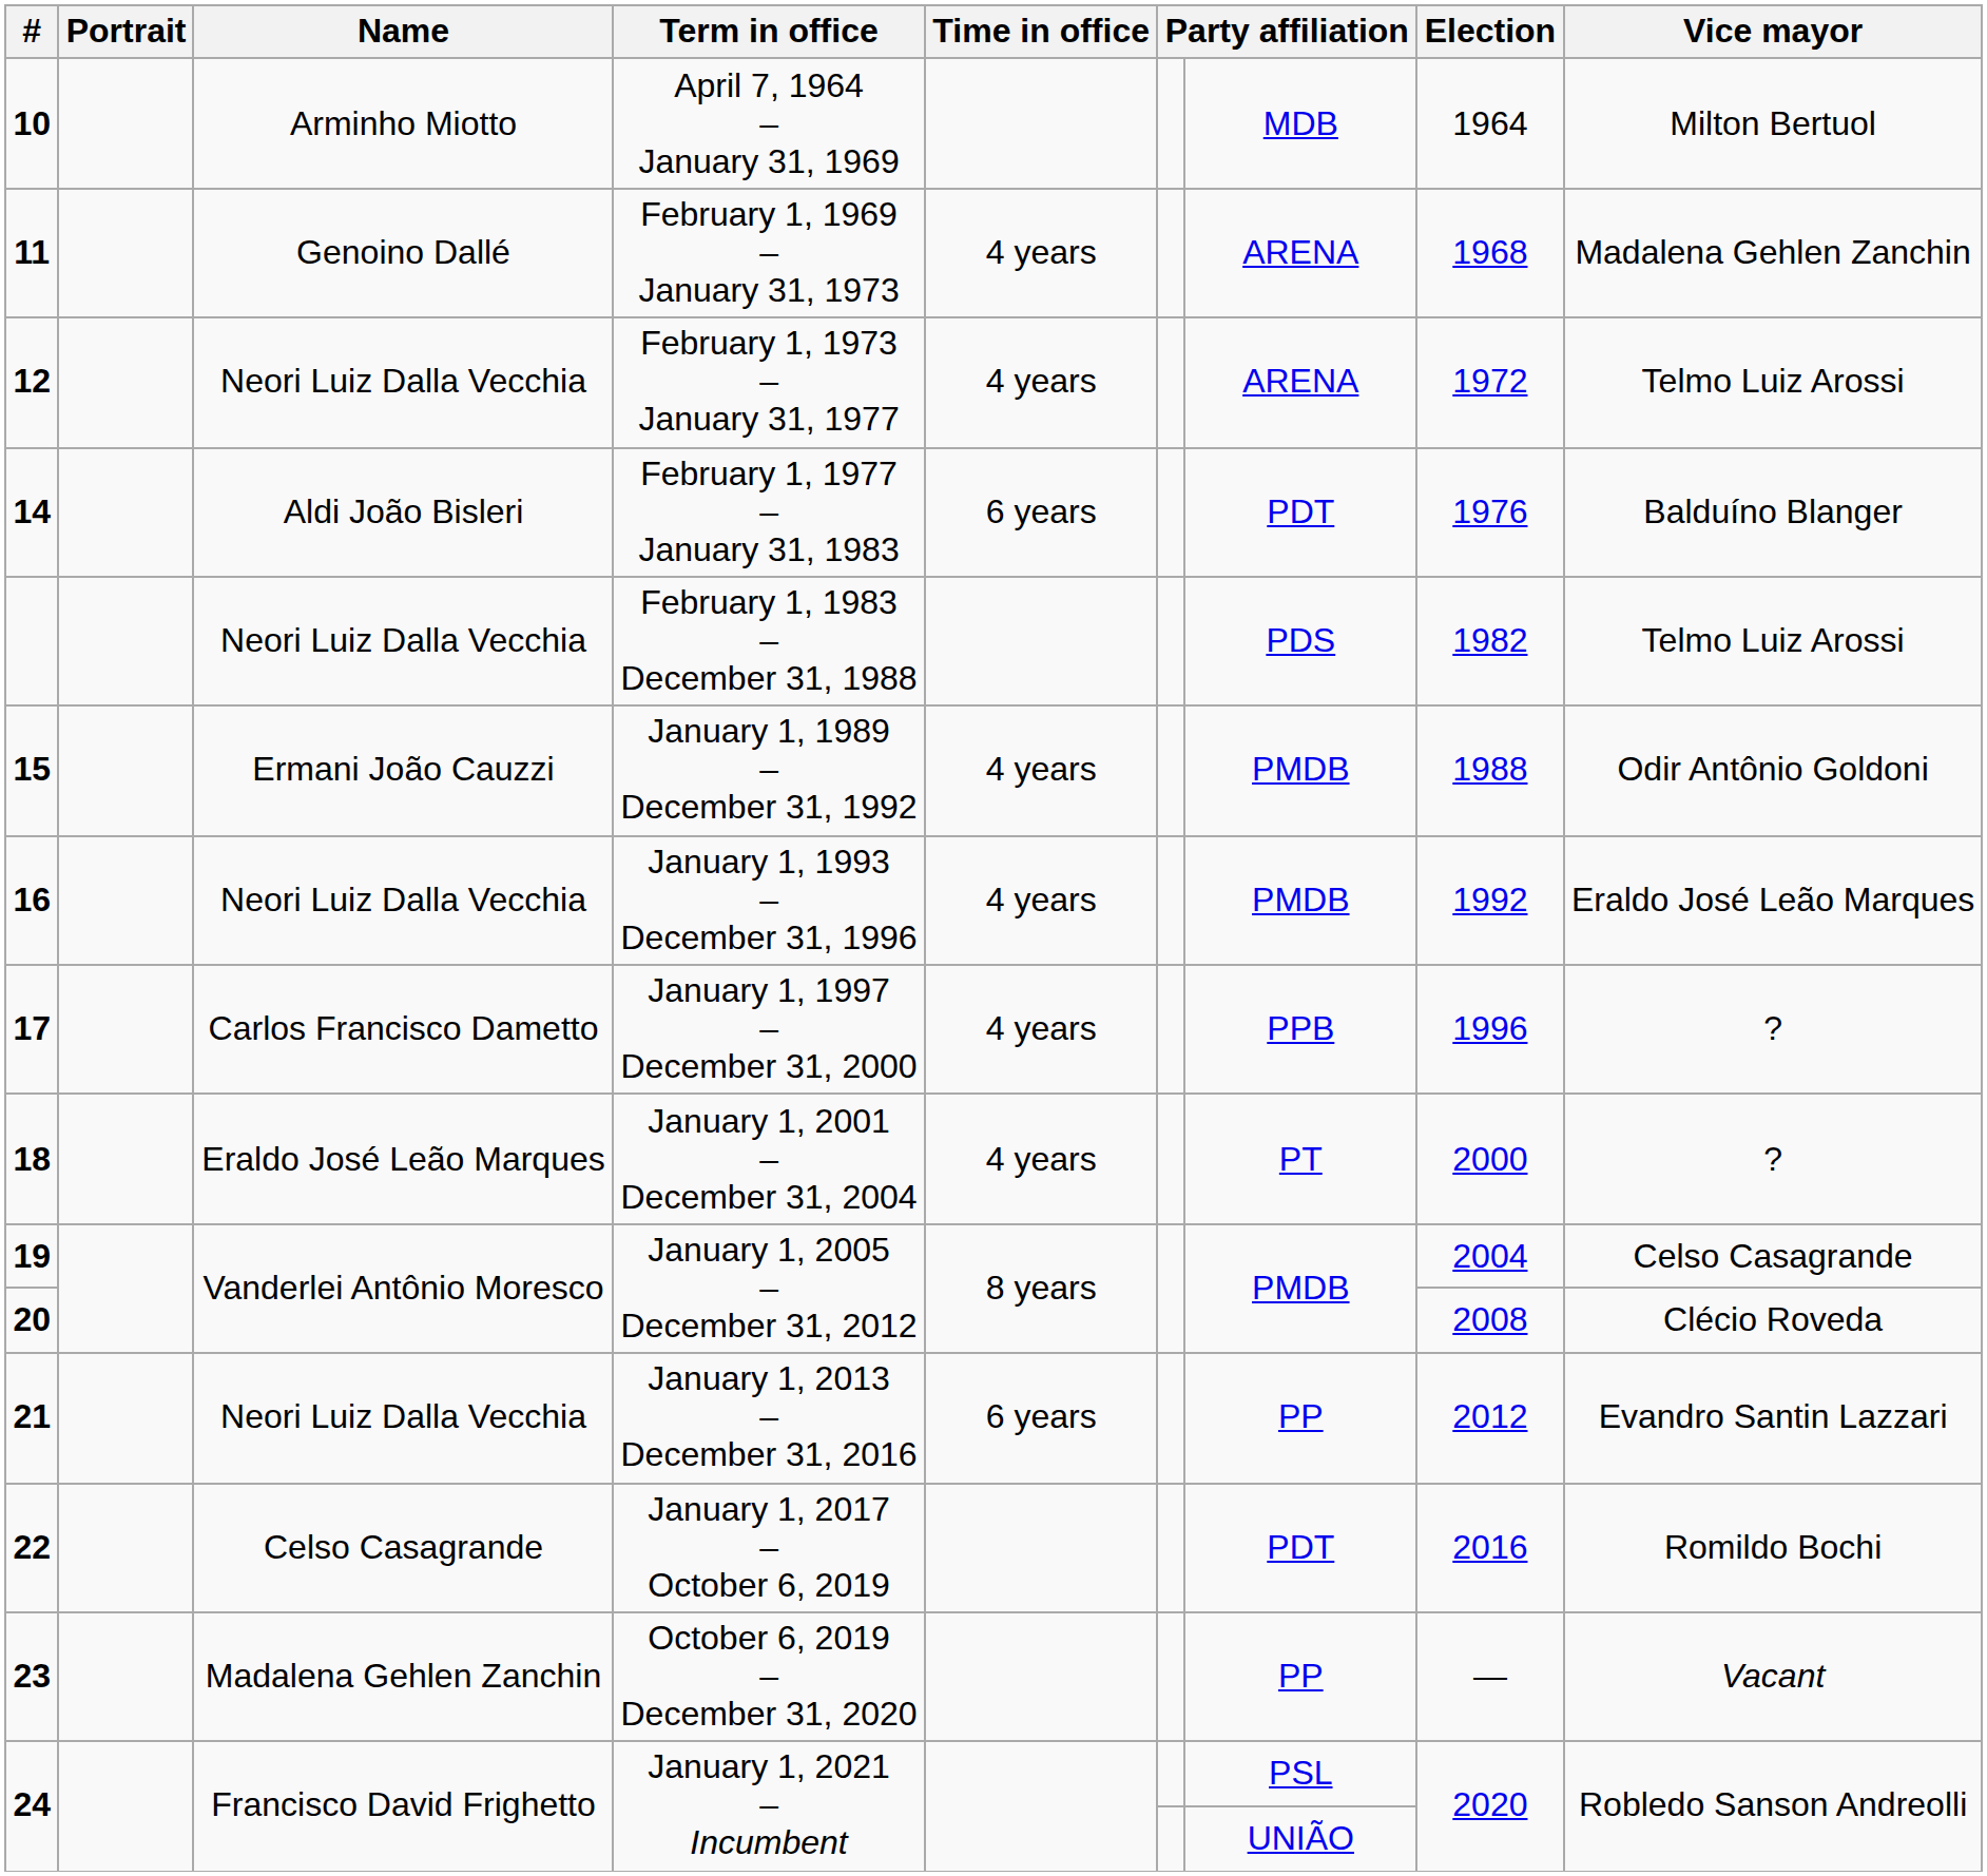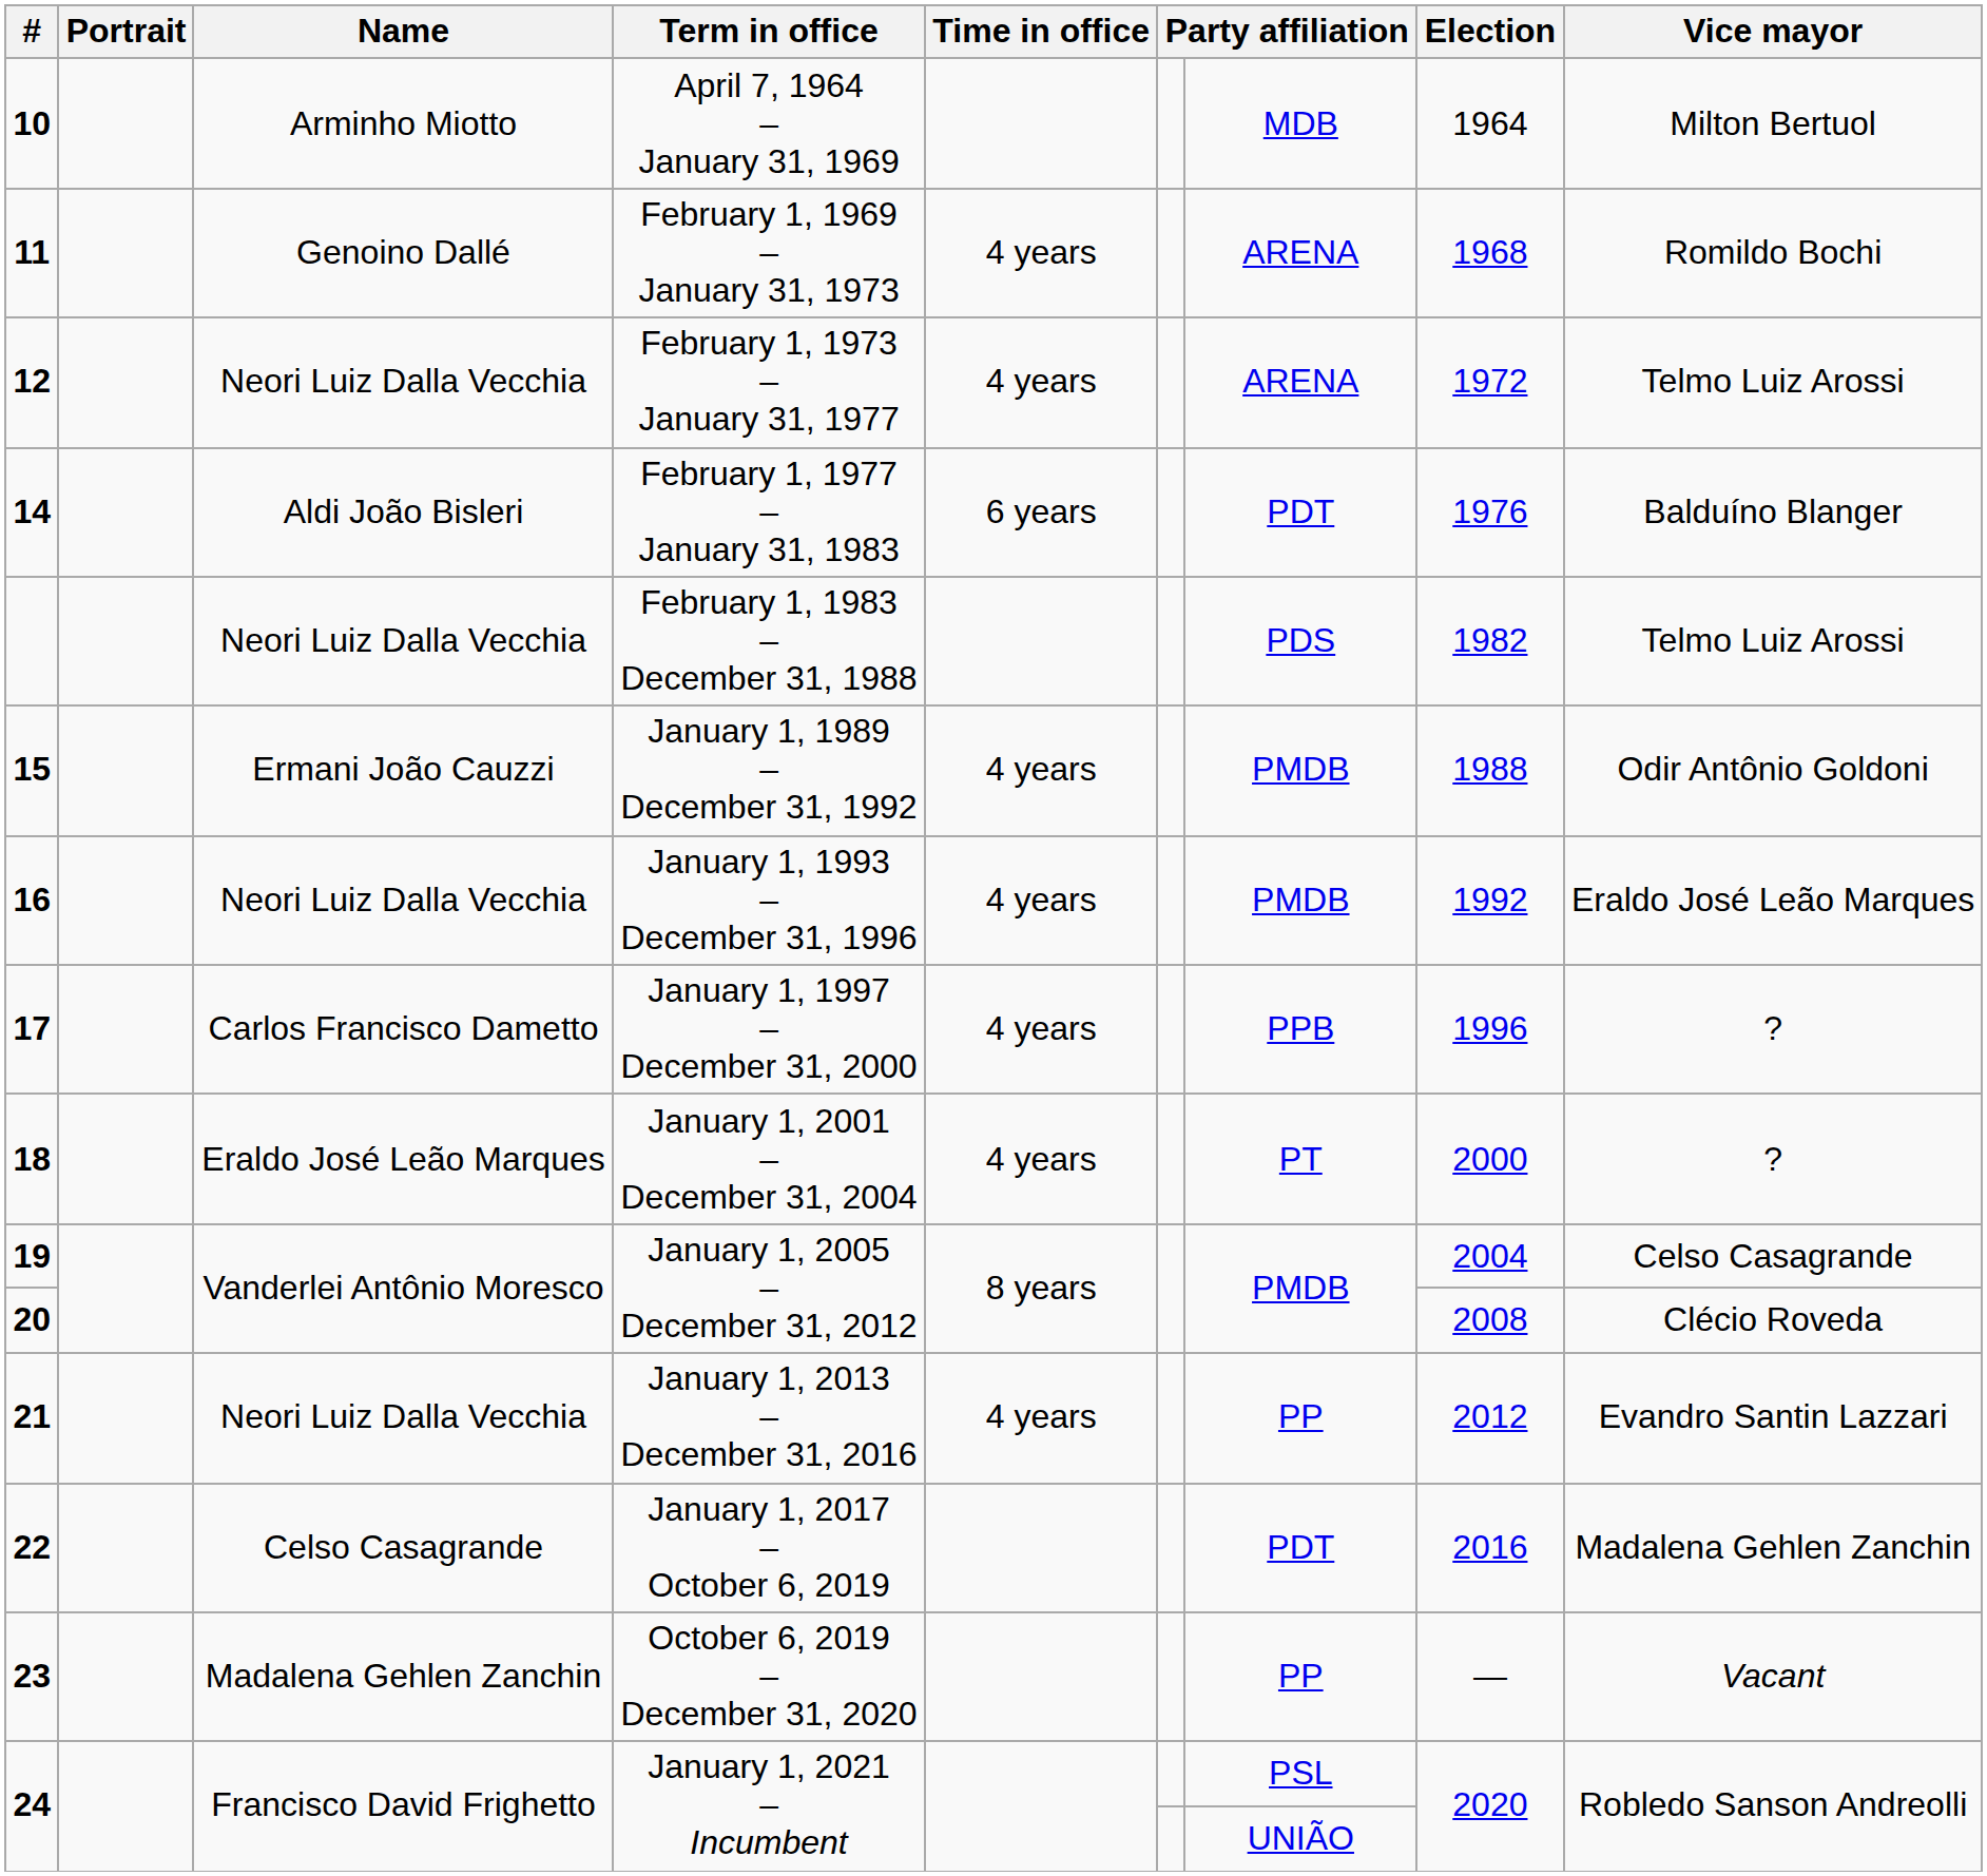 <table class="wikitable" style="text-align:center;">
 <tr>
 <th scope="col">#</th>
 <th scope="col">Portrait</th>
 <th scope="col">Name</th>
 <th scope="col">Term in office</th>
 <th scope="col">Time in office</th>
 <th scope="col" colspan=2>Party affiliation</th>
 <th scope="col">Election</th>
 <th scope="col">Vice mayor</th>
 </tr>
 <tr>
 <td><strong>10</strong></td>
 <td scope="row"></td>
 <td>Arminho Miotto</td>
 <td>April 7, 1964<br>–<br>January 31, 1969</td>
 <td></td>
 <td style="background-color:"></td>
 <td><a href='#'>MDB</a></td>
 <td>1964</td>
 <td>Milton Bertuol</td>
 </tr>
 <tr>
 <td><strong>11</strong></td>
 <td scope="row"></td>
 <td>Genoino Dallé</td>
 <td>February 1, 1969<br>–<br>January 31, 1973</td>
 <td>4 years</td>
 <td style="background-color:"></td>
 <td><a href='#'>ARENA</a></td>
 <td><a href='#'>1968</a></td>
-<td>Madalena Gehlen Zanchin</td>
+<td>Romildo Bochi</td>
 </tr>
 <tr>
 <td><strong>12</strong></td>
 <td scope="row"></td>
 <td>Neori Luiz Dalla Vecchia</td>
 <td>February 1, 1973<br>–<br>January 31, 1977</td>
 <td>4 years</td>
 <td style="background-color:"></td>
 <td><a href='#'>ARENA</a></td>
 <td><a href='#'>1972</a></td>
 <td>Telmo Luiz Arossi</td>
 </tr>
 <tr>
 <td><strong>14</strong></td>
 <td scope="row"></td>
 <td>Aldi João Bisleri</td>
 <td>February 1, 1977<br>–<br>January 31, 1983</td>
 <td>6 years</td>
 <td style="background-color:"></td>
 <td><a href='#'>PDT</a></td>
 <td><a href='#'>1976</a></td>
 <td>Balduíno Blanger</td>
 </tr>
 <tr>
 <td></td>
 <td scope="row"></td>
 <td>Neori Luiz Dalla Vecchia</td>
 <td>February 1, 1983<br>–<br>December 31, 1988</td>
 <td></td>
 <td style="background-color:"></td>
 <td><a href='#'>PDS</a></td>
 <td><a href='#'>1982</a></td>
 <td>Telmo Luiz Arossi</td>
 </tr>
 <tr>
 <td><strong>15</strong></td>
 <td scope="row"></td>
 <td>Ermani João Cauzzi</td>
 <td>January 1, 1989<br>–<br>December 31, 1992</td>
 <td>4 years</td>
 <td style="background-color:"></td>
 <td><a href='#'>PMDB</a></td>
 <td><a href='#'>1988</a></td>
 <td>Odir Antônio Goldoni</td>
 </tr>
 <tr>
 <td><strong>16</strong></td>
 <td scope="row"></td>
 <td>Neori Luiz Dalla Vecchia</td>
 <td>January 1, 1993<br>–<br>December 31, 1996</td>
 <td>4 years</td>
 <td style="background-color:"></td>
 <td><a href='#'>PMDB</a></td>
 <td><a href='#'>1992</a></td>
 <td>Eraldo José Leão Marques</td>
 </tr>
 <tr>
 <td><strong>17</strong></td>
 <td scope="row"></td>
 <td>Carlos Francisco Dametto</td>
 <td>January 1, 1997<br>–<br>December 31, 2000</td>
 <td>4 years</td>
 <td style="background-color:"></td>
 <td><a href='#'>PPB</a></td>
 <td><a href='#'>1996</a></td>
 <td>?</td>
 </tr>
 <tr>
 <td><strong>18</strong></td>
 <td scope="row"></td>
 <td>Eraldo José Leão Marques</td>
 <td>January 1, 2001<br>–<br>December 31, 2004</td>
 <td>4 years</td>
 <td style="background-color:"></td>
 <td><a href='#'>PT</a></td>
 <td><a href='#'>2000</a></td>
 <td>?</td>
 </tr>
 <tr>
 <td><strong>19</strong></td>
 <td rowspan=2 scope="row"></td>
 <td rowspan=2>Vanderlei Antônio Moresco</td>
 <td rowspan=2>January 1, 2005<br>–<br>December 31, 2012</td>
 <td rowspan=2>8 years</td>
 <td rowspan=2 style="background-color:"></td>
 <td rowspan=2><a href='#'>PMDB</a></td>
 <td><a href='#'>2004</a></td>
 <td>Celso Casagrande</td>
 </tr>
 <tr>
 <td><strong>20</strong></td>
 <td><a href='#'>2008</a></td>
 <td>Clécio Roveda</td>
 </tr>
 <tr>
 <td><strong>21</strong></td>
 <td scope="row"></td>
 <td>Neori Luiz Dalla Vecchia</td>
 <td>January 1, 2013<br>–<br>December 31, 2016</td>
-<td>6 years</td>
+<td>4 years</td>
 <td style="background-color:"></td>
 <td><a href='#'>PP</a></td>
 <td><a href='#'>2012</a></td>
 <td>Evandro Santin Lazzari</td>
 </tr>
 <tr>
 <td><strong>22</strong></td>
 <td scope="row"></td>
 <td>Celso Casagrande</td>
 <td>January 1, 2017<br>–<br>October 6, 2019</td>
 <td></td>
 <td style="background-color:"></td>
 <td><a href='#'>PDT</a></td>
 <td><a href='#'>2016</a></td>
-<td>Romildo Bochi</td>
+<td>Madalena Gehlen Zanchin</td>
 </tr>
 <tr>
 <td><strong>23</strong></td>
 <td scope="row"></td>
 <td>Madalena Gehlen Zanchin</td>
 <td>October 6, 2019<br>–<br>December 31, 2020</td>
 <td></td>
 <td style="background-color:"></td>
 <td><a href='#'>PP</a></td>
 <td>—</td>
 <td><em>Vacant</em></td>
 </tr>
 <tr>
 <td rowspan=2><strong>24</strong></td>
 <td rowspan=2 scope="row"></td>
 <td rowspan=2>Francisco David Frighetto</td>
 <td rowspan=2>January 1, 2021<br>–<br><em>Incumbent</em></td>
 <td rowspan=2></td>
 <td style="background-color:"></td>
 <td><a href='#'>PSL</a></td>
 <td rowspan=2><a href='#'>2020</a></td>
 <td rowspan=2>Robledo Sanson Andreolli</td>
 </tr>
 <tr>
 <td style="background-color:"></td>
 <td><a href='#'>UNIÃO</a></td>
 </tr>
 </table>
